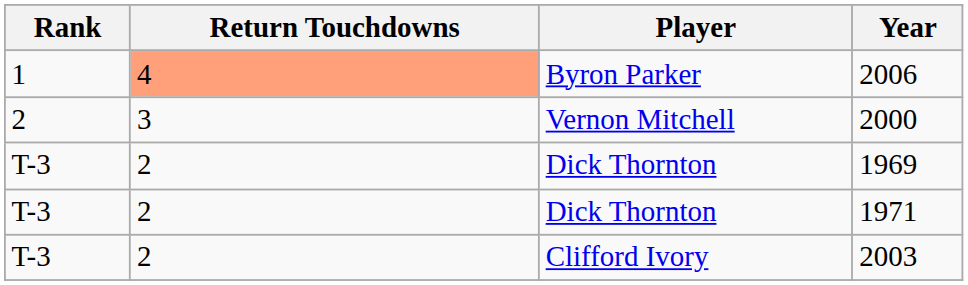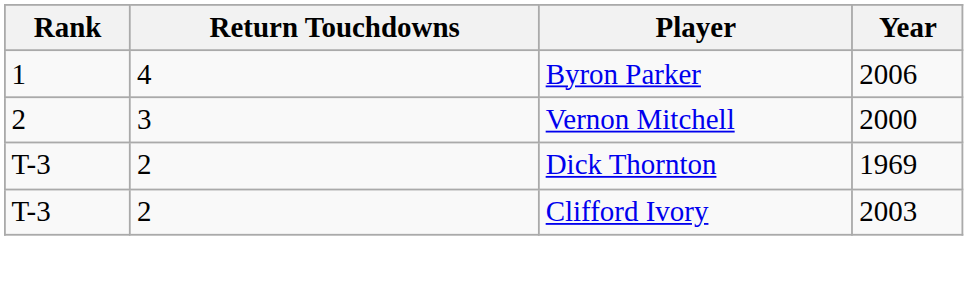 <table class="wikitable" style="width:60%;">
 <tr>
 <th>Rank</th>
 <th>Return Touchdowns</th>
 <th>Player</th>
 <th>Year</th>
 </tr>
 <tr>
 <td>1</td>
-<td style="background: lightsalmon;">4</td>
+<td>4</td>
 <td><a href='#'>Byron Parker</a></td>
 <td>2006</td>
 </tr>
 <tr>
 <td>2</td>
 <td>3</td>
 <td><a href='#'>Vernon Mitchell</a></td>
 <td>2000</td>
 </tr>
 <tr>
 <td>T-3</td>
 <td>2</td>
 <td><a href='#'>Dick Thornton</a></td>
 <td>1969</td>
 </tr>
 <tr>
 <td>T-3</td>
 <td>2</td>
-<td><a href='#'>Dick Thornton</a></td>
-<td>1971</td>
-</tr>
-<tr>
-<td>T-3</td>
-<td>2</td>
 <td><a href='#'>Clifford Ivory</a></td>
 <td>2003</td>
 </tr>
 </table>
